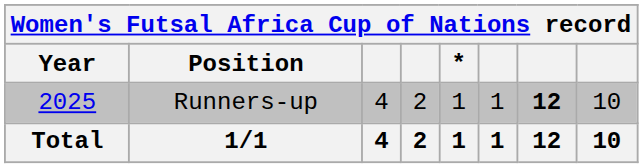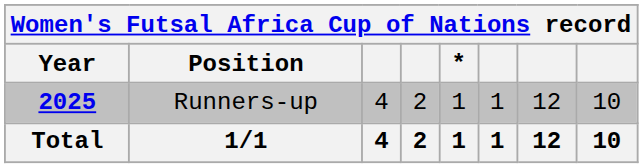 <table class="wikitable" style="text-align: center;">
 <tr>
 <th colspan="8"><a href='#'>Women's Futsal Africa Cup of Nations</a> record</th>
 </tr>
 <tr>
 <th>Year</th>
 <th>Position</th>
 <th></th>
 <th></th>
 <th>*</th>
 <th></th>
 <th></th>
 <th></th>
 </tr>
 <tr bgcolor="silver">
-<td> <a href='#'>2025</a></td>
+<td><strong> <a href='#'>2025</a></strong></td>
 <td>Runners-up</td>
 <td>4</td>
 <td>2</td>
 <td>1</td>
 <td>1</td>
-<td><strong>12</strong></td>
+<td>12</td>
 <td>10</td>
 </tr>
 <tr>
 <th>Total</th>
 <th>1/1</th>
 <th>4</th>
 <th>2</th>
 <th>1</th>
 <th>1</th>
 <th>12</th>
 <th>10</th>
 </tr>
 </table>
